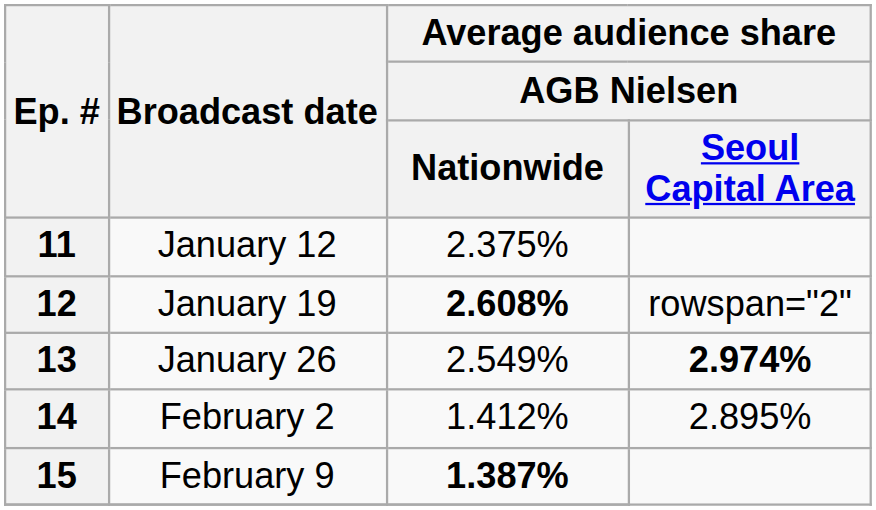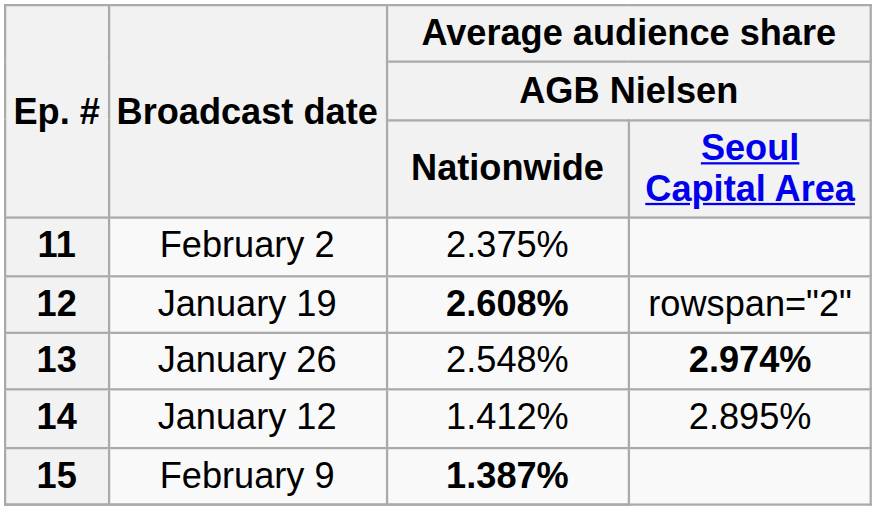 <table class="wikitable" style="text-align:center">
 <tr>
 <th rowspan="3">Ep. #</th>
 <th rowspan="3">Broadcast date</th>
 <th colspan="2">Average audience share</th>
 </tr>
 <tr>
 <th colspan="2">AGB Nielsen</th>
 </tr>
 <tr>
 <th width=100>Nationwide</th>
 <th width=100><a href='#'>Seoul Capital Area</a></th>
 </tr>
 <tr>
 <th>11</th>
-<td>January 12</td>
+<td>February 2</td>
 <td>2.375%</td>
 <td></td>
 </tr>
 <tr>
 <th>12</th>
 <td>January 19</td>
 <td><span><strong>2.608%</strong></span></td>
 <td>rowspan="2" </td>
 </tr>
 <tr>
 <th>13</th>
 <td>January 26</td>
-<td>2.549%</td>
+<td>2.548%</td>
 <td><span><strong>2.974%</strong></span></td>
 </tr>
 <tr>
 <th>14</th>
-<td>February 2</td>
+<td>January 12</td>
 <td>1.412%</td>
 <td>2.895%</td>
 </tr>
 <tr>
 <th>15</th>
 <td>February 9</td>
 <td><span><strong>1.387%</strong></span></td>
 </tr>
 <tr>
 </tr>
 </table>
